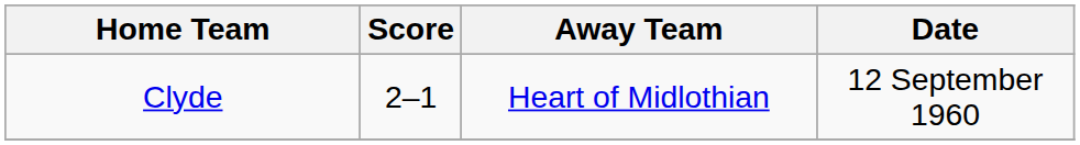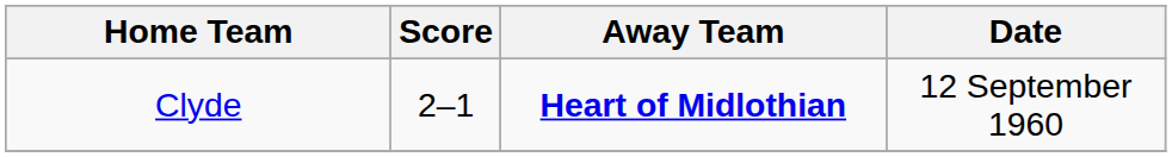 <table class="wikitable" style="text-align:center;">
 <tr>
 <th width=175>Home Team</th>
 <th width=20>Score</th>
 <th width=175>Away Team</th>
 <th width= 125>Date</th>
 </tr>
 <tr>
 <td><a href='#'>Clyde</a></td>
 <td>2–1</td>
-<td><a href='#'>Heart of Midlothian</a></td>
+<td><strong><a href='#'>Heart of Midlothian</a></strong></td>
 <td>12 September 1960</td>
 </tr>
 <tr>
 </tr>
 </table>
